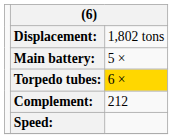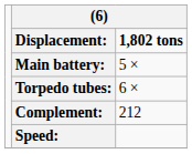 <table class="wikitable plainrowheaders" style="text-align:left">
 <tr valign="bottom">
 <td rowspan=6 style="text-align:center"></td>
 <th colspan=2 style="text-align:center"> (6)</th>
 </tr>
 <tr>
 <th style="text-align:left">Displacement:</th>
-<td>1,802 tons</td>
+<td><strong>1,802 tons</strong></td>
 </tr>
 <tr>
 <th style="text-align:left">Main battery:</th>
 <td>5 × </td>
 </tr>
 <tr>
 <th style="text-align:left">Torpedo tubes:</th>
-<td style="background: gold;">6 × </td>
+<td>6 × </td>
 </tr>
 <tr>
 <th style="text-align:left">Complement:</th>
 <td>212</td>
 </tr>
 <tr>
 <th style="text-align:left">Speed:</th>
 <td></td>
 </tr>
 <tr>
 </tr>
 </table>
